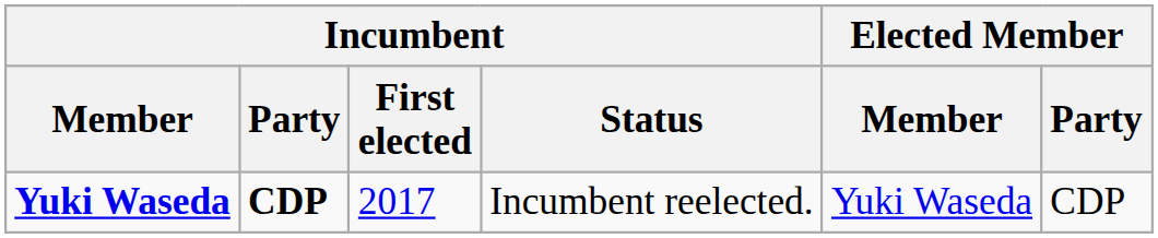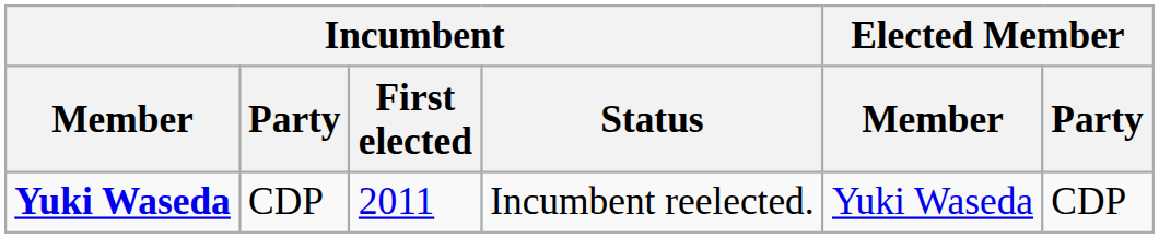 <table class="wikitable sortable">
 <tr>
 <th colspan=4>Incumbent</th>
 <th colspan=2>Elected Member</th>
 </tr>
 <tr>
 <th>Member</th>
 <th>Party</th>
 <th>First<br>elected</th>
 <th>Status</th>
 <th>Member</th>
 <th>Party</th>
 </tr>
 <tr>
 <td><strong><a href='#'>Yuki Waseda</a></strong></td>
-<td><strong>CDP</strong></td>
-<td><a href='#'>2017</a></td>
+<td>CDP</td>
+<td><a href='#'>2011</a></td>
 <td>Incumbent reelected.</td>
 <td><a href='#'>Yuki Waseda</a></td>
 <td>CDP</td>
 </tr>
 </table>
